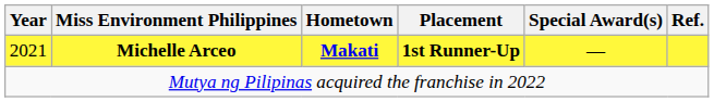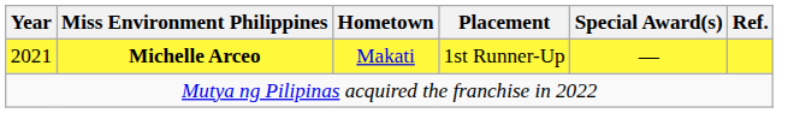 <table class="wikitable" style="font-size: 85%; text-align:center" width:100%;">
 <tr>
 <th>Year</th>
 <th>Miss Environment Philippines</th>
 <th>Hometown</th>
 <th>Placement</th>
 <th>Special Award(s)</th>
 <th>Ref.</th>
 </tr>
 <tr style="background-color:#FFF83B">
 <td>2021</td>
 <td><strong>Michelle Arceo</strong></td>
-<td><strong><a href='#'>Makati</a></strong></td>
-<td><strong>1st Runner-Up</strong></td>
+<td><a href='#'>Makati</a></td>
+<td>1st Runner-Up</td>
 <td>—</td>
 <td></td>
 </tr>
 <tr>
 <td colspan="6"><em><a href='#'>Mutya ng Pilipinas</a> acquired the franchise in 2022</em></td>
 </tr>
 </table>
